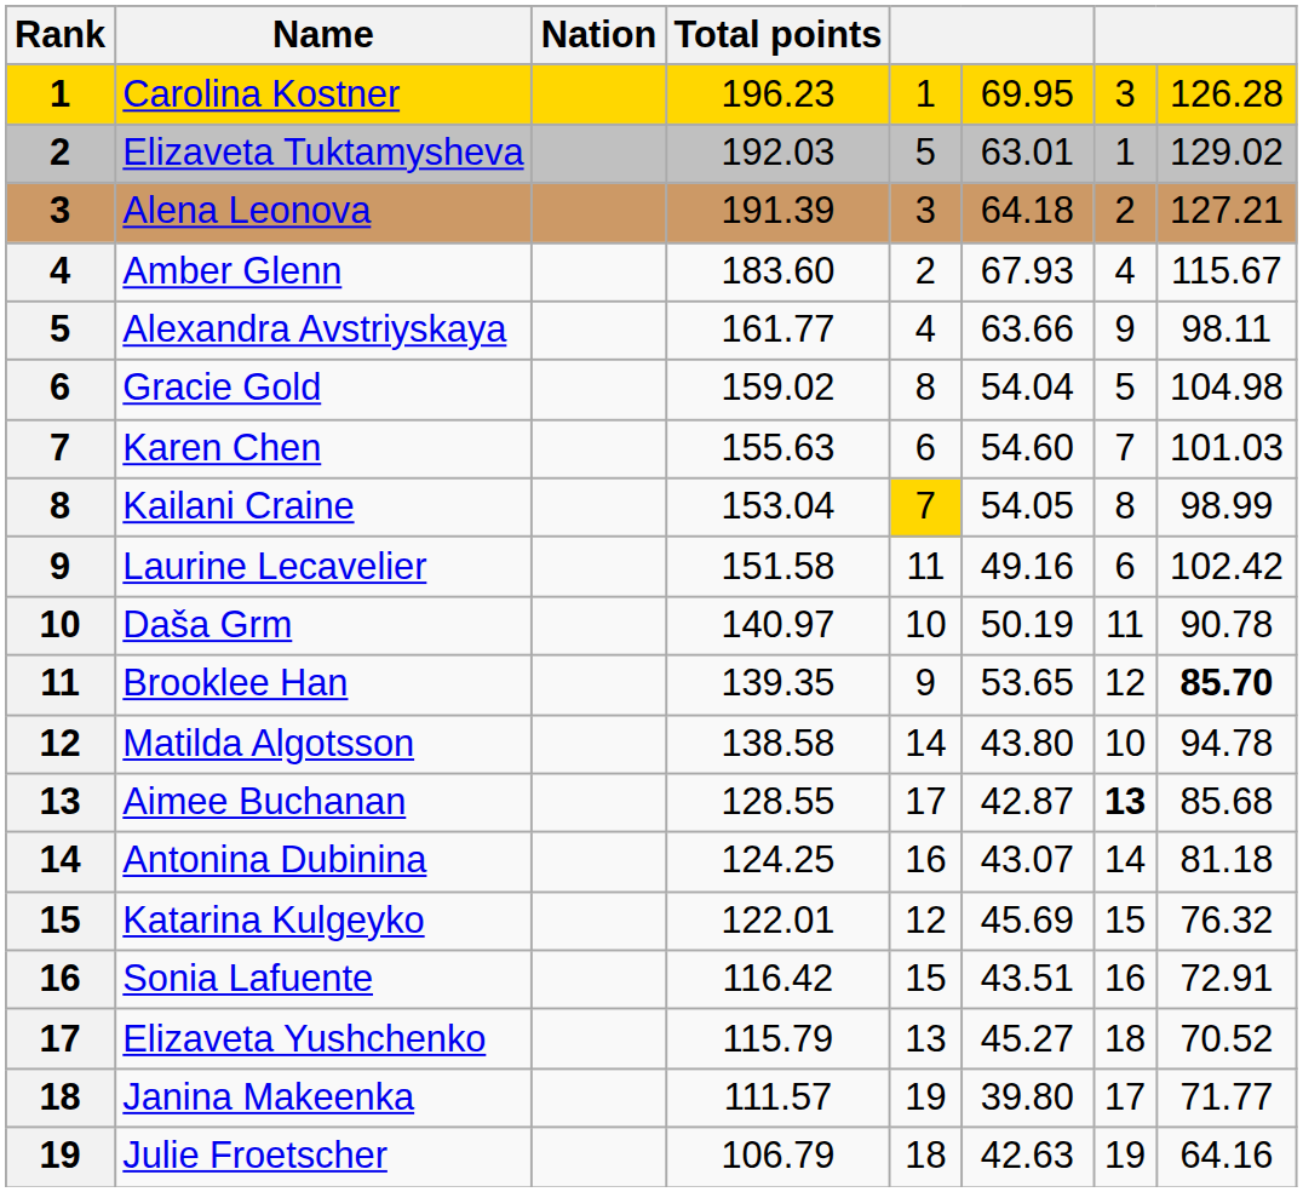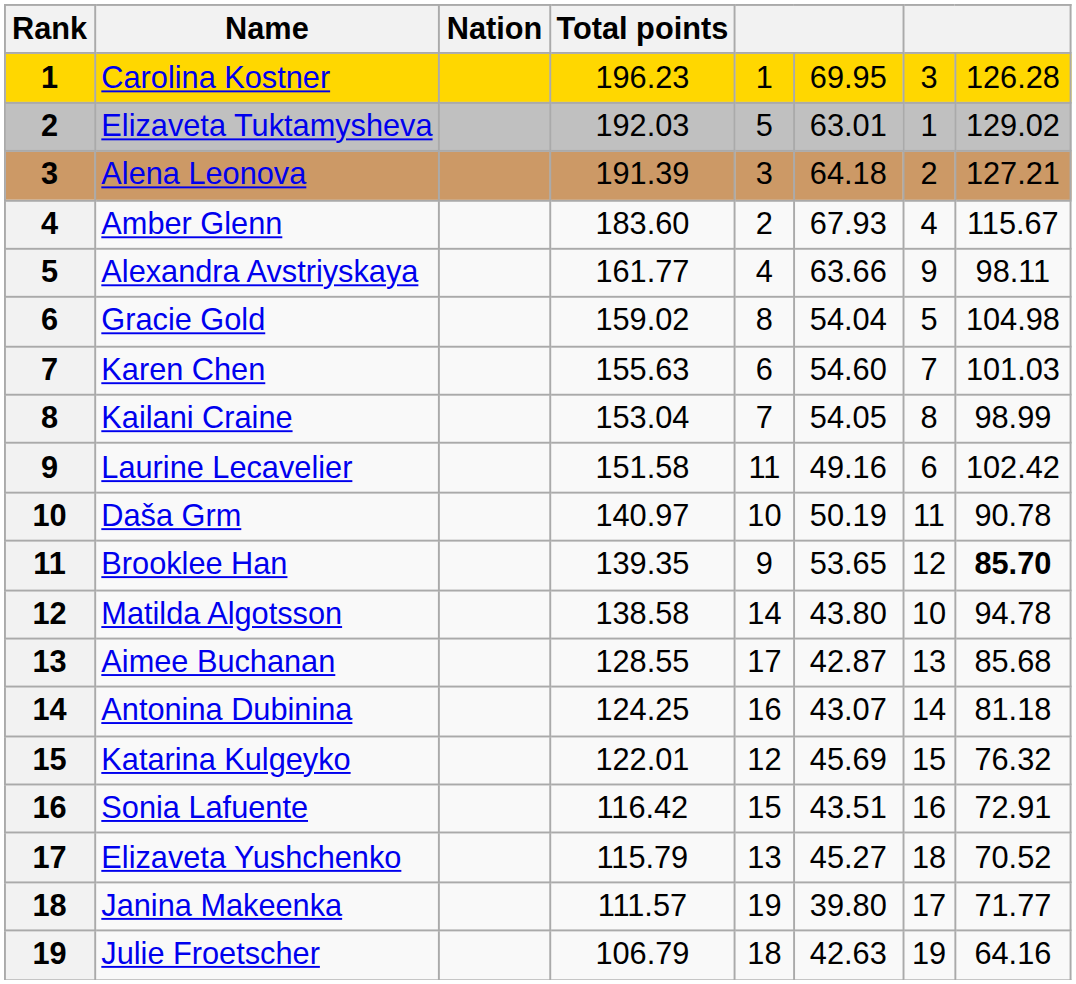 <table class="wikitable sortable">
 <tr>
 <th>Rank</th>
 <th>Name</th>
 <th>Nation</th>
 <th>Total points</th>
 <th colspan="2" width="80px"></th>
 <th colspan="2" width="80px"></th>
 </tr>
 <tr bgcolor="gold">
 <td align="center"><strong>1</strong></td>
 <td><a href='#'>Carolina Kostner</a></td>
 <td></td>
 <td align="center">196.23</td>
 <td align="center">1</td>
 <td align="center">69.95</td>
 <td align="center">3</td>
 <td align="center">126.28</td>
 </tr>
 <tr bgcolor="silver">
 <td align="center"><strong>2</strong></td>
 <td><a href='#'>Elizaveta Tuktamysheva</a></td>
 <td></td>
 <td align="center">192.03</td>
 <td align="center">5</td>
 <td align="center">63.01</td>
 <td align="center">1</td>
 <td align="center">129.02</td>
 </tr>
 <tr bgcolor="cc9966">
 <td align="center"><strong>3</strong></td>
 <td><a href='#'>Alena Leonova</a></td>
 <td></td>
 <td align="center">191.39</td>
 <td align="center">3</td>
 <td align="center">64.18</td>
 <td align="center">2</td>
 <td align="center">127.21</td>
 </tr>
 <tr>
 <th>4</th>
 <td><a href='#'>Amber Glenn</a></td>
 <td></td>
 <td align="center">183.60</td>
 <td align="center">2</td>
 <td align="center">67.93</td>
 <td align="center">4</td>
 <td align="center">115.67</td>
 </tr>
 <tr>
 <th>5</th>
 <td><a href='#'>Alexandra Avstriyskaya</a></td>
 <td></td>
 <td align="center">161.77</td>
 <td align="center">4</td>
 <td align="center">63.66</td>
 <td align="center">9</td>
 <td align="center">98.11</td>
 </tr>
 <tr>
 <th>6</th>
 <td><a href='#'>Gracie Gold</a></td>
 <td></td>
 <td align="center">159.02</td>
 <td align="center">8</td>
 <td align="center">54.04</td>
 <td align="center">5</td>
 <td align="center">104.98</td>
 </tr>
 <tr>
 <th>7</th>
 <td><a href='#'>Karen Chen</a></td>
 <td></td>
 <td align="center">155.63</td>
 <td align="center">6</td>
 <td align="center">54.60</td>
 <td align="center">7</td>
 <td align="center">101.03</td>
 </tr>
 <tr>
 <th>8</th>
 <td><a href='#'>Kailani Craine</a></td>
 <td></td>
 <td align="center">153.04</td>
-<td align="center" style="background: gold;">7</td>
+<td align="center">7</td>
 <td align="center">54.05</td>
 <td align="center">8</td>
 <td align="center">98.99</td>
 </tr>
 <tr>
 <th>9</th>
 <td><a href='#'>Laurine Lecavelier</a></td>
 <td></td>
 <td align="center">151.58</td>
 <td align="center">11</td>
 <td align="center">49.16</td>
 <td align="center">6</td>
 <td align="center">102.42</td>
 </tr>
 <tr>
 <th>10</th>
 <td><a href='#'>Daša Grm</a></td>
 <td></td>
 <td align="center">140.97</td>
 <td align="center">10</td>
 <td align="center">50.19</td>
 <td align="center">11</td>
 <td align="center">90.78</td>
 </tr>
 <tr>
 <th>11</th>
 <td><a href='#'>Brooklee Han</a></td>
 <td></td>
 <td align="center">139.35</td>
 <td align="center">9</td>
 <td align="center">53.65</td>
 <td align="center">12</td>
 <td align="center"><strong>85.70</strong></td>
 </tr>
 <tr>
 <th>12</th>
 <td><a href='#'>Matilda Algotsson</a></td>
 <td></td>
 <td align="center">138.58</td>
 <td align="center">14</td>
 <td align="center">43.80</td>
 <td align="center">10</td>
 <td align="center">94.78</td>
 </tr>
 <tr>
 <th>13</th>
 <td><a href='#'>Aimee Buchanan</a></td>
 <td></td>
 <td align="center">128.55</td>
 <td align="center">17</td>
 <td align="center">42.87</td>
-<td align="center"><strong>13</strong></td>
+<td align="center">13</td>
 <td align="center">85.68</td>
 </tr>
 <tr>
 <th>14</th>
 <td><a href='#'>Antonina Dubinina</a></td>
 <td></td>
 <td align="center">124.25</td>
 <td align="center">16</td>
 <td align="center">43.07</td>
 <td align="center">14</td>
 <td align="center">81.18</td>
 </tr>
 <tr>
 <th>15</th>
 <td><a href='#'>Katarina Kulgeyko</a></td>
 <td></td>
 <td align="center">122.01</td>
 <td align="center">12</td>
 <td align="center">45.69</td>
 <td align="center">15</td>
 <td align="center">76.32</td>
 </tr>
 <tr>
 <th>16</th>
 <td><a href='#'>Sonia Lafuente</a></td>
 <td></td>
 <td align="center">116.42</td>
 <td align="center">15</td>
 <td align="center">43.51</td>
 <td align="center">16</td>
 <td align="center">72.91</td>
 </tr>
 <tr>
 <th>17</th>
 <td><a href='#'>Elizaveta Yushchenko</a></td>
 <td></td>
 <td align="center">115.79</td>
 <td align="center">13</td>
 <td align="center">45.27</td>
 <td align="center">18</td>
 <td align="center">70.52</td>
 </tr>
 <tr>
 <th>18</th>
 <td><a href='#'>Janina Makeenka</a></td>
 <td></td>
 <td align="center">111.57</td>
 <td align="center">19</td>
 <td align="center">39.80</td>
 <td align="center">17</td>
 <td align="center">71.77</td>
 </tr>
 <tr>
 <th>19</th>
 <td><a href='#'>Julie Froetscher</a></td>
 <td></td>
 <td align="center">106.79</td>
 <td align="center">18</td>
 <td align="center">42.63</td>
 <td align="center">19</td>
 <td align="center">64.16</td>
 </tr>
 </table>
